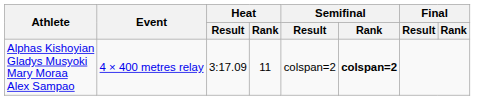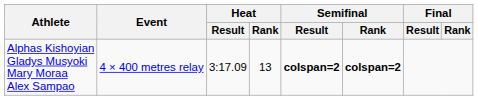 <table class=wikitable style=font-size:90%>
 <tr>
 <th rowspan=2>Athlete</th>
 <th rowspan=2>Event</th>
 <th colspan=2>Heat</th>
 <th colspan=2>Semifinal</th>
 <th colspan=2>Final</th>
 </tr>
 <tr style=font-size:95%>
 <th>Result</th>
 <th>Rank</th>
 <th>Result</th>
 <th>Rank</th>
 <th>Result</th>
 <th>Rank</th>
 </tr>
 <tr align=center>
 <td align=left><a href='#'>Alphas Kishoyian</a> <br> <a href='#'>Gladys Musyoki</a> <br> <a href='#'>Mary Moraa</a> <br><a href='#'>Alex Sampao</a></td>
 <td align=left><a href='#'>4 × 400 metres relay</a></td>
 <td>3:17.09</td>
-<td>11</td>
-<td>colspan=2</td>
+<td>13</td>
+<td><strong>colspan=2</strong></td>
 <td><strong>colspan=2 </strong></td>
 </tr>
 </table>
